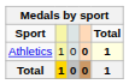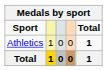 <table class="wikitable" style="font-size:85%; float:right;">
 <tr style="background:#efefef;">
 <th colspan=7><strong>Medals by sport</strong></th>
 </tr>
 <tr align=center>
 <td><strong>Sport</strong></td>
 <td bgcolor=#f7f6a8></td>
 <td bgcolor=#dce5e5></td>
 <td bgcolor=#ffdab9></td>
 <td><strong>Total</strong></td>
 </tr>
 <tr align=center>
 <td><a href='#'>Athletics</a></td>
 <td style="background:#F7F6A8;">1</td>
 <td style="background:#DCE5E5;">0</td>
-<td style="background:#FFDAB9;"><strong>0</strong></td>
-<td style="background: lightyellow;"><strong>1</strong></td>
+<td style="background:#FFDAB9;">0</td>
+<td><strong>1</strong></td>
 </tr>
 <tr align=center>
 <th><strong>Total</strong></th>
 <th style="background:gold;"><strong>1</strong></th>
 <th style="background:silver;"><strong>0</strong></th>
 <th style="background:#c96;"><strong>0</strong></th>
 <th><strong>1</strong></th>
 </tr>
 </table>
